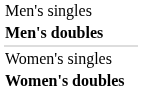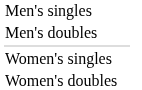 <table>
 <tr>
 <td>Men's singles</td>
 <td></td>
 <td></td>
 <td></td>
 </tr>
 <tr>
-<td><strong>Men's doubles</strong></td>
+<td>Men's doubles</td>
 <td></td>
 <td></td>
 <td></td>
 </tr>
 <tr bgcolor=#DDDDDD>
 <td colspan=7></td>
 </tr>
 <tr>
 <td>Women's singles</td>
 <td></td>
 <td></td>
 <td></td>
 </tr>
 <tr>
-<td><strong>Women's doubles</strong></td>
+<td>Women's doubles</td>
 <td></td>
 <td></td>
 <td></td>
 </tr>
 </table>
